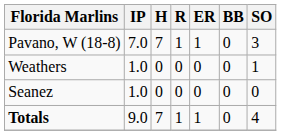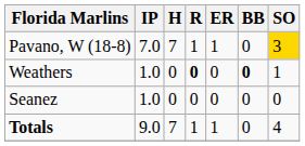 <table class="wikitable sortable">
 <tr>
 <th>Florida Marlins</th>
 <th>IP</th>
 <th>H</th>
 <th>R</th>
 <th>ER</th>
 <th>BB</th>
 <th>SO</th>
 </tr>
 <tr>
 <td>Pavano, W (18-8)</td>
 <td>7.0</td>
 <td>7</td>
 <td>1</td>
 <td>1</td>
 <td>0</td>
-<td>3</td>
+<td style="background: gold;">3</td>
 </tr>
 <tr>
 <td>Weathers</td>
 <td>1.0</td>
 <td>0</td>
+<td><strong>0</strong></td>
 <td>0</td>
-<td>0</td>
-<td>0</td>
+<td><strong>0</strong></td>
 <td>1</td>
 </tr>
 <tr>
 <td>Seanez</td>
 <td>1.0</td>
 <td>0</td>
 <td>0</td>
 <td>0</td>
 <td>0</td>
 <td>0</td>
 </tr>
 <tr>
 <td><strong>Totals</strong></td>
 <td>9.0</td>
 <td>7</td>
 <td>1</td>
 <td>1</td>
 <td>0</td>
 <td>4</td>
 </tr>
 <tr>
 </tr>
 </table>
